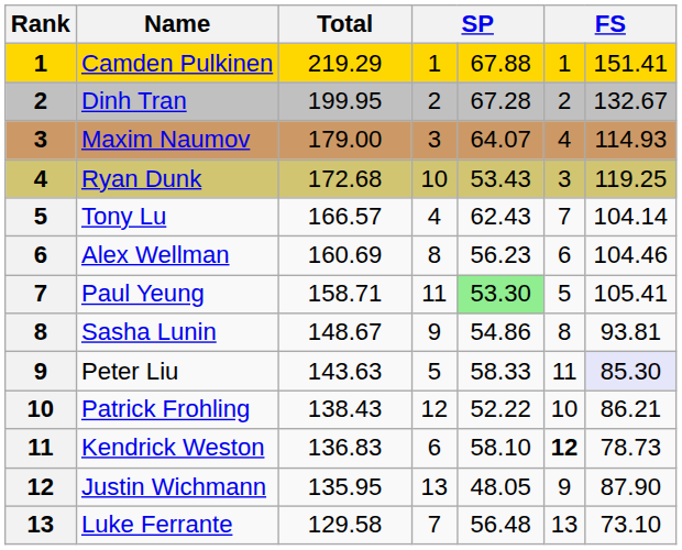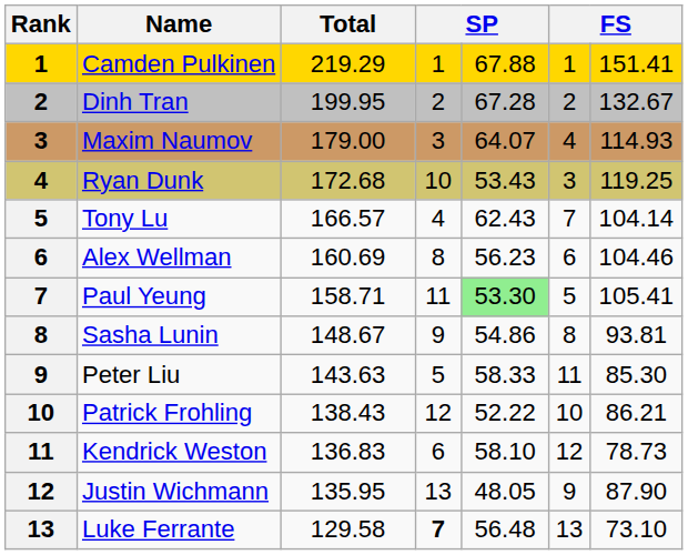 <table class="wikitable sortable">
 <tr>
 <th>Rank</th>
 <th>Name</th>
 <th width="80px">Total</th>
 <th colspan="2" width="80px"><a href='#'>SP</a></th>
 <th colspan="2" width="80px"><a href='#'>FS</a></th>
 </tr>
 <tr bgcolor="gold">
 <td align="center"><strong>1</strong></td>
 <td><a href='#'>Camden Pulkinen</a></td>
 <td align="center">219.29</td>
 <td align="center">1</td>
 <td align="center">67.88</td>
 <td align="center">1</td>
 <td align="center">151.41</td>
 </tr>
 <tr bgcolor="silver">
 <td align="center"><strong>2</strong></td>
 <td><a href='#'>Dinh Tran</a></td>
 <td align="center">199.95</td>
 <td align="center">2</td>
 <td align="center">67.28</td>
 <td align="center">2</td>
 <td align="center">132.67</td>
 </tr>
 <tr bgcolor="cc9966">
 <td align="center"><strong>3</strong></td>
 <td><a href='#'>Maxim Naumov</a></td>
 <td align="center">179.00</td>
 <td align="center">3</td>
 <td align="center">64.07</td>
 <td align="center">4</td>
 <td align="center">114.93</td>
 </tr>
 <tr bgcolor="#d1c571">
 <td align="center"><strong>4</strong></td>
 <td><a href='#'>Ryan Dunk</a></td>
 <td align="center">172.68</td>
 <td align="center">10</td>
 <td align="center">53.43</td>
 <td align="center">3</td>
 <td align="center">119.25</td>
 </tr>
 <tr>
 <th>5</th>
 <td><a href='#'>Tony Lu</a></td>
 <td align="center">166.57</td>
 <td align="center">4</td>
 <td align="center">62.43</td>
 <td align="center">7</td>
 <td align="center">104.14</td>
 </tr>
 <tr>
 <th>6</th>
 <td><a href='#'>Alex Wellman</a></td>
 <td align="center">160.69</td>
 <td align="center">8</td>
 <td align="center">56.23</td>
 <td align="center">6</td>
 <td align="center">104.46</td>
 </tr>
 <tr>
 <th>7</th>
 <td><a href='#'>Paul Yeung</a></td>
 <td align="center">158.71</td>
 <td align="center">11</td>
 <td align="center" style="background: lightgreen;">53.30</td>
 <td align="center">5</td>
 <td align="center">105.41</td>
 </tr>
 <tr>
 <th>8</th>
 <td><a href='#'>Sasha Lunin</a></td>
 <td align="center">148.67</td>
 <td align="center">9</td>
 <td align="center">54.86</td>
 <td align="center">8</td>
 <td align="center">93.81</td>
 </tr>
 <tr>
 <th>9</th>
 <td>Peter Liu</td>
 <td align="center">143.63</td>
 <td align="center">5</td>
 <td align="center">58.33</td>
 <td align="center">11</td>
-<td align="center" style="background: lavender;">85.30</td>
+<td align="center">85.30</td>
 </tr>
 <tr>
 <th>10</th>
 <td><a href='#'>Patrick Frohling</a></td>
 <td align="center">138.43</td>
 <td align="center">12</td>
 <td align="center">52.22</td>
 <td align="center">10</td>
 <td align="center">86.21</td>
 </tr>
 <tr>
 <th>11</th>
 <td><a href='#'>Kendrick Weston</a></td>
 <td align="center">136.83</td>
 <td align="center">6</td>
 <td align="center">58.10</td>
-<td align="center"><strong>12</strong></td>
+<td align="center">12</td>
 <td align="center">78.73</td>
 </tr>
 <tr>
 <th>12</th>
 <td><a href='#'>Justin Wichmann</a></td>
 <td align="center">135.95</td>
 <td align="center">13</td>
 <td align="center">48.05</td>
 <td align="center">9</td>
 <td align="center">87.90</td>
 </tr>
 <tr>
 <th>13</th>
 <td><a href='#'>Luke Ferrante</a></td>
 <td align="center">129.58</td>
-<td align="center">7</td>
+<td align="center"><strong>7</strong></td>
 <td align="center">56.48</td>
 <td align="center">13</td>
 <td align="center">73.10</td>
 </tr>
 </table>
